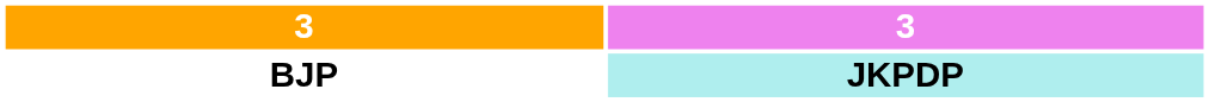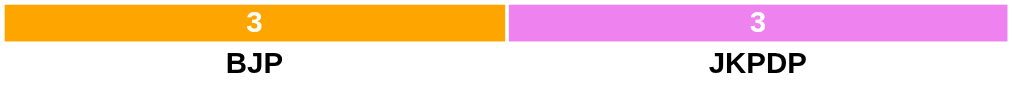 <table style="width:88%; text-align:center;">
 <tr style="color:white;">
 <td style="background:orange; width:50.00%;"><strong>3</strong></td>
 <td style="background:violet; width:50.00%;"><strong>3</strong></td>
 </tr>
 <tr>
 <td><span><strong>BJP</strong></span></td>
-<td style="background: paleturquoise;"><span><strong>JKPDP</strong></span></td>
+<td><span><strong>JKPDP</strong></span></td>
 </tr>
 </table>
